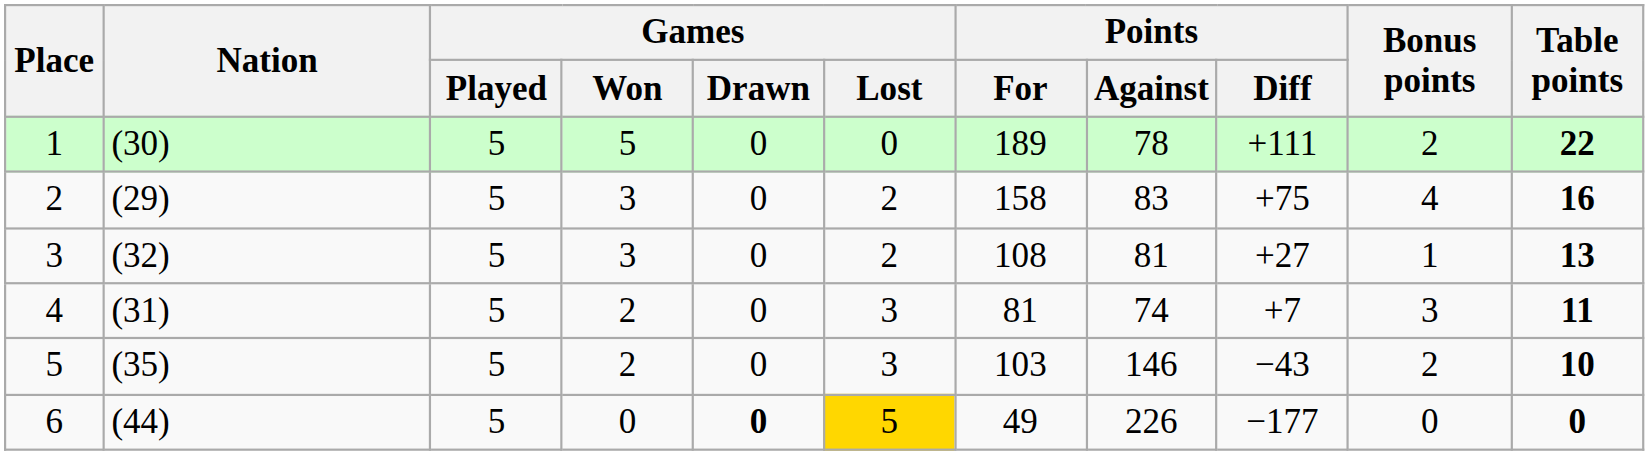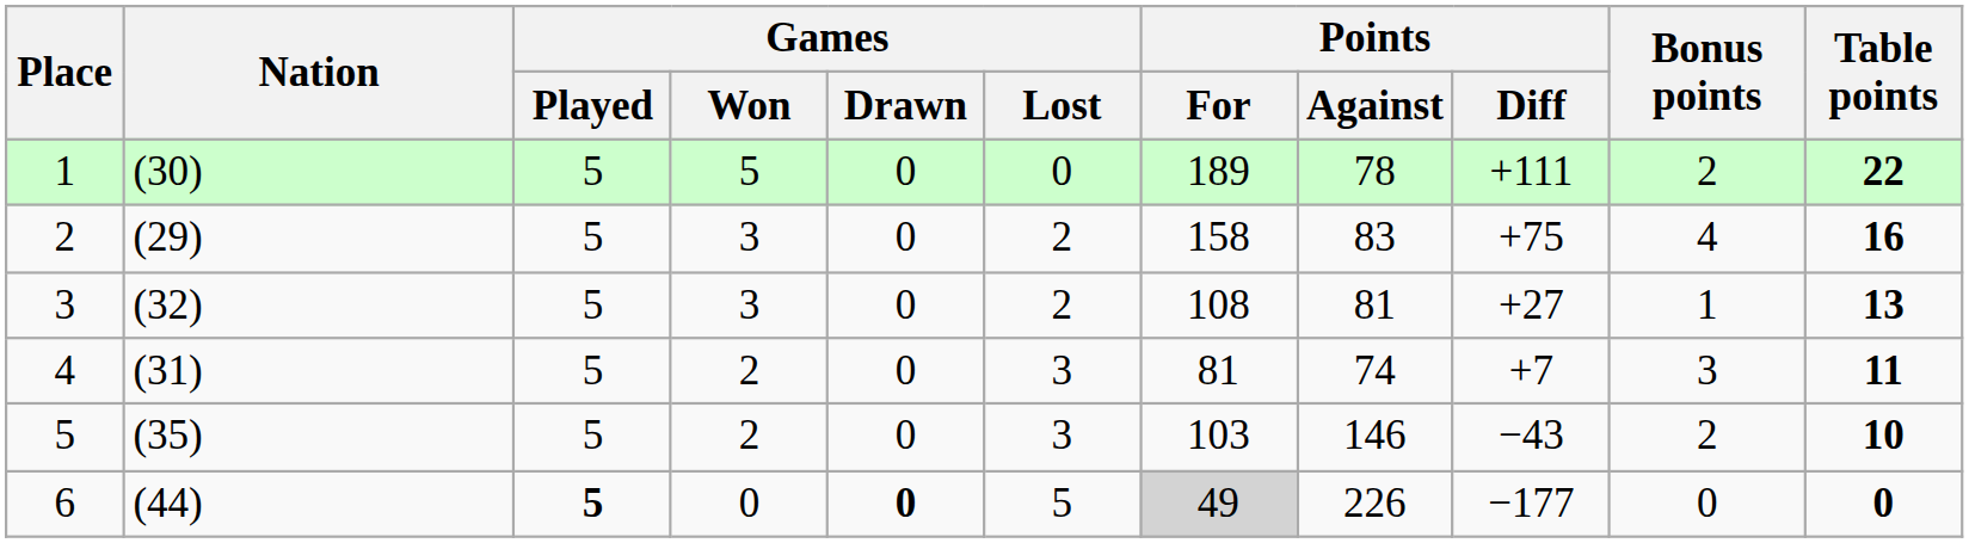 <table class="wikitable" style="text-align:center">
 <tr>
 <th rowspan=2 width="6%">Place</th>
 <th rowspan=2 width="20%">Nation</th>
 <th colspan=4 width="40%">Games</th>
 <th colspan=3 width="24%">Points</th>
 <th rowspan=2 width="10%">Bonus<br>points</th>
 <th rowspan=2 width="10%">Table<br>points</th>
 </tr>
 <tr>
 <th width="8%">Played</th>
 <th width="8%">Won</th>
 <th width="8%">Drawn</th>
 <th width="8%">Lost</th>
 <th width="8%">For</th>
 <th width="8%">Against</th>
 <th width="8%">Diff</th>
 </tr>
 <tr bgcolor="#ccffcc">
 <td>1</td>
 <td align=left> (30)</td>
 <td>5</td>
 <td>5</td>
 <td>0</td>
 <td>0</td>
 <td>189</td>
 <td>78</td>
 <td>+111</td>
 <td>2</td>
 <td><strong>22</strong></td>
 </tr>
 <tr>
 <td>2</td>
 <td align=left> (29)</td>
 <td>5</td>
 <td>3</td>
 <td>0</td>
 <td>2</td>
 <td>158</td>
 <td>83</td>
 <td>+75</td>
 <td>4</td>
 <td><strong>16</strong></td>
 </tr>
 <tr>
 <td>3</td>
 <td align=left> (32)</td>
 <td>5</td>
 <td>3</td>
 <td>0</td>
 <td>2</td>
 <td>108</td>
 <td>81</td>
 <td>+27</td>
 <td>1</td>
 <td><strong>13</strong></td>
 </tr>
 <tr>
 <td>4</td>
 <td align=left> (31)</td>
 <td>5</td>
 <td>2</td>
 <td>0</td>
 <td>3</td>
 <td>81</td>
 <td>74</td>
 <td>+7</td>
 <td>3</td>
 <td><strong>11</strong></td>
 </tr>
 <tr>
 <td>5</td>
 <td align=left> (35)</td>
 <td>5</td>
 <td>2</td>
 <td>0</td>
 <td>3</td>
 <td>103</td>
 <td>146</td>
 <td>−43</td>
 <td>2</td>
 <td><strong>10</strong></td>
 </tr>
 <tr>
 <td>6</td>
 <td align=left> (44)</td>
-<td>5</td>
+<td><strong>5</strong></td>
 <td>0</td>
 <td><strong>0</strong></td>
-<td style="background: gold;">5</td>
-<td>49</td>
+<td>5</td>
+<td style="background: lightgrey;">49</td>
 <td>226</td>
 <td>−177</td>
 <td>0</td>
 <td><strong>0</strong></td>
 </tr>
 </table>
